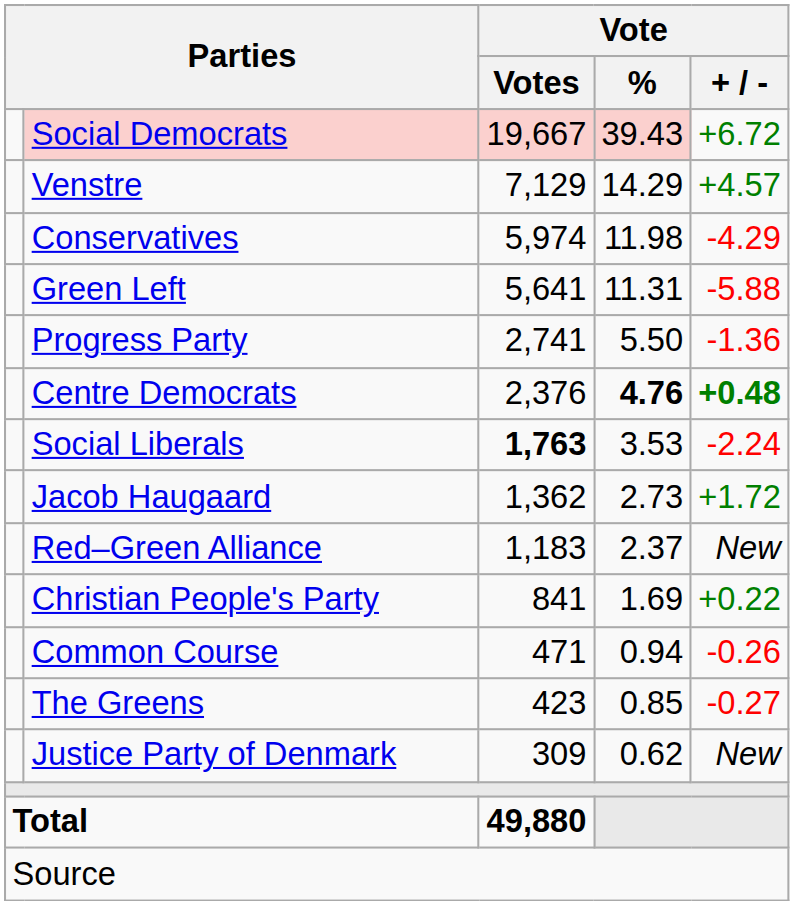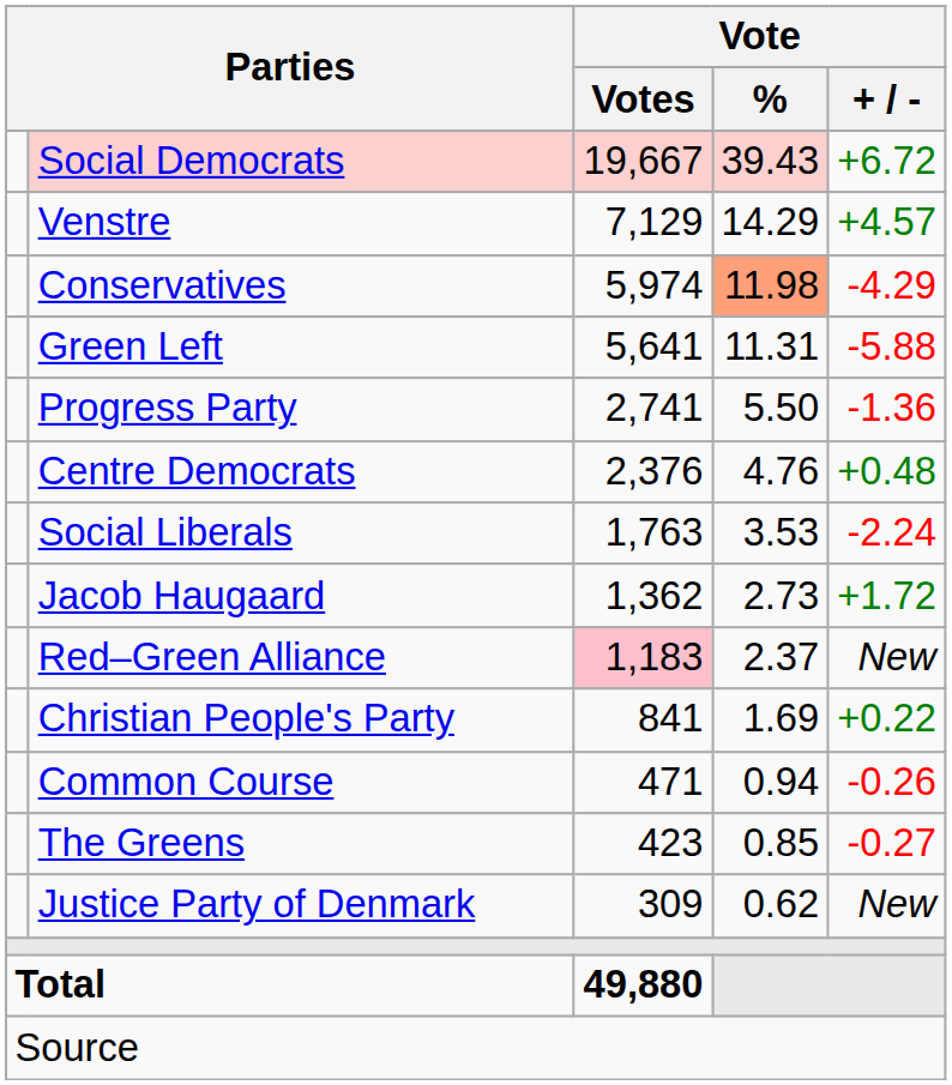 <table class="wikitable" style="text-align:right;">
 <tr>
 <th style="text-align:centre;" rowspan="2" colspan="2" width="225">Parties</th>
 <th colspan="3">Vote</th>
 </tr>
 <tr>
 <th width="15">Votes</th>
 <th width="15">%</th>
 <th width="15">+ / -</th>
 </tr>
 <tr>
 <td width="2" style="color:inherit;background:"></td>
 <td bgcolor=#fbd0ce  align="left"><a href='#'>Social Democrats</a></td>
 <td bgcolor=#fbd0ce>19,667</td>
 <td bgcolor=#fbd0ce>39.43</td>
 <td style=color:green;>+6.72</td>
 </tr>
 <tr>
 <td width="2" style="color:inherit;background:"></td>
 <td align="left"><a href='#'>Venstre</a></td>
 <td>7,129</td>
 <td>14.29</td>
 <td style=color:green;>+4.57</td>
 </tr>
 <tr>
 <td width="2" style="color:inherit;background:"></td>
 <td align="left"><a href='#'>Conservatives</a></td>
 <td>5,974</td>
-<td>11.98</td>
+<td style="background: lightsalmon;">11.98</td>
 <td style=color:red;>-4.29</td>
 </tr>
 <tr>
 <td width="2" style="color:inherit;background:"></td>
 <td align="left"><a href='#'>Green Left</a></td>
 <td>5,641</td>
 <td>11.31</td>
 <td style=color:red;>-5.88</td>
 </tr>
 <tr>
 <td width="2" style="color:inherit;background:"></td>
 <td align="left"><a href='#'>Progress Party</a></td>
 <td>2,741</td>
 <td>5.50</td>
 <td style=color:red;>-1.36</td>
 </tr>
 <tr>
 <td width="2" style="color:inherit;background:"></td>
 <td align="left"><a href='#'>Centre Democrats</a></td>
 <td>2,376</td>
-<td><strong>4.76</strong></td>
-<td style=color:green;><strong>+0.48</strong></td>
+<td>4.76</td>
+<td style=color:green;>+0.48</td>
 </tr>
 <tr>
 <td width="2" style="color:inherit;background:"></td>
 <td align="left"><a href='#'>Social Liberals</a></td>
-<td><strong>1,763</strong></td>
+<td>1,763</td>
 <td>3.53</td>
 <td style=color:red;>-2.24</td>
 </tr>
 <tr>
 <td width="2" style="color:inherit;background:"></td>
 <td align="left"><a href='#'>Jacob Haugaard</a></td>
 <td>1,362</td>
 <td>2.73</td>
 <td style=color:green;>+1.72</td>
 </tr>
 <tr>
 <td width="2" style="color:inherit;background:"></td>
 <td align="left"><a href='#'>Red–Green Alliance</a></td>
-<td>1,183</td>
+<td style="background: pink;">1,183</td>
 <td>2.37</td>
 <td><em>New</em></td>
 </tr>
 <tr>
 <td width="2" style="color:inherit;background:"></td>
 <td align="left"><a href='#'>Christian People's Party</a></td>
 <td>841</td>
 <td>1.69</td>
 <td style=color:green;>+0.22</td>
 </tr>
 <tr>
 <td width="2" style="color:inherit;background:"></td>
 <td align="left"><a href='#'>Common Course</a></td>
 <td>471</td>
 <td>0.94</td>
 <td style=color:red;>-0.26</td>
 </tr>
 <tr>
 <td width="2" style="color:inherit;background:"></td>
 <td align="left"><a href='#'>The Greens</a></td>
 <td>423</td>
 <td>0.85</td>
 <td style=color:red;>-0.27</td>
 </tr>
 <tr>
 <td width="2" style="color:inherit;background:"></td>
 <td align="left"><a href='#'>Justice Party of Denmark</a></td>
 <td>309</td>
 <td>0.62</td>
 <td><em>New</em></td>
 </tr>
 <tr>
 <td colspan="7" bgcolor="#E9E9E9"></td>
 </tr>
 <tr>
 <td align="left" colspan="2"><strong>Total</strong></td>
 <td><strong>49,880</strong></td>
 <td bgcolor="#E9E9E9" colspan="2"></td>
 </tr>
 <tr>
 <td align="left" colspan="6">Source</td>
 </tr>
 </table>
